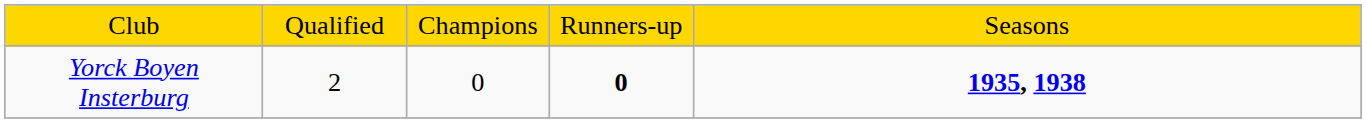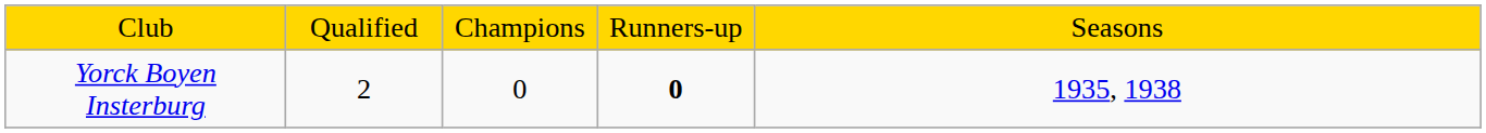 <table class="wikitable sortable">
 <tr align="center" bgcolor="#FFD700">
 <td width="150">Club</td>
 <td width="80">Qualified</td>
 <td width="80">Champions</td>
 <td width="80">Runners-up</td>
 <td width="400">Seasons</td>
 </tr>
 <tr align="center">
 <td><em><a href='#'>Yorck Boyen Insterburg</a></em></td>
 <td>2</td>
 <td>0</td>
 <td><strong>0</strong></td>
-<td><strong><a href='#'>1935</a>, <a href='#'>1938</a></strong></td>
+<td><a href='#'>1935</a>, <a href='#'>1938</a></td>
 </tr>
 </table>
